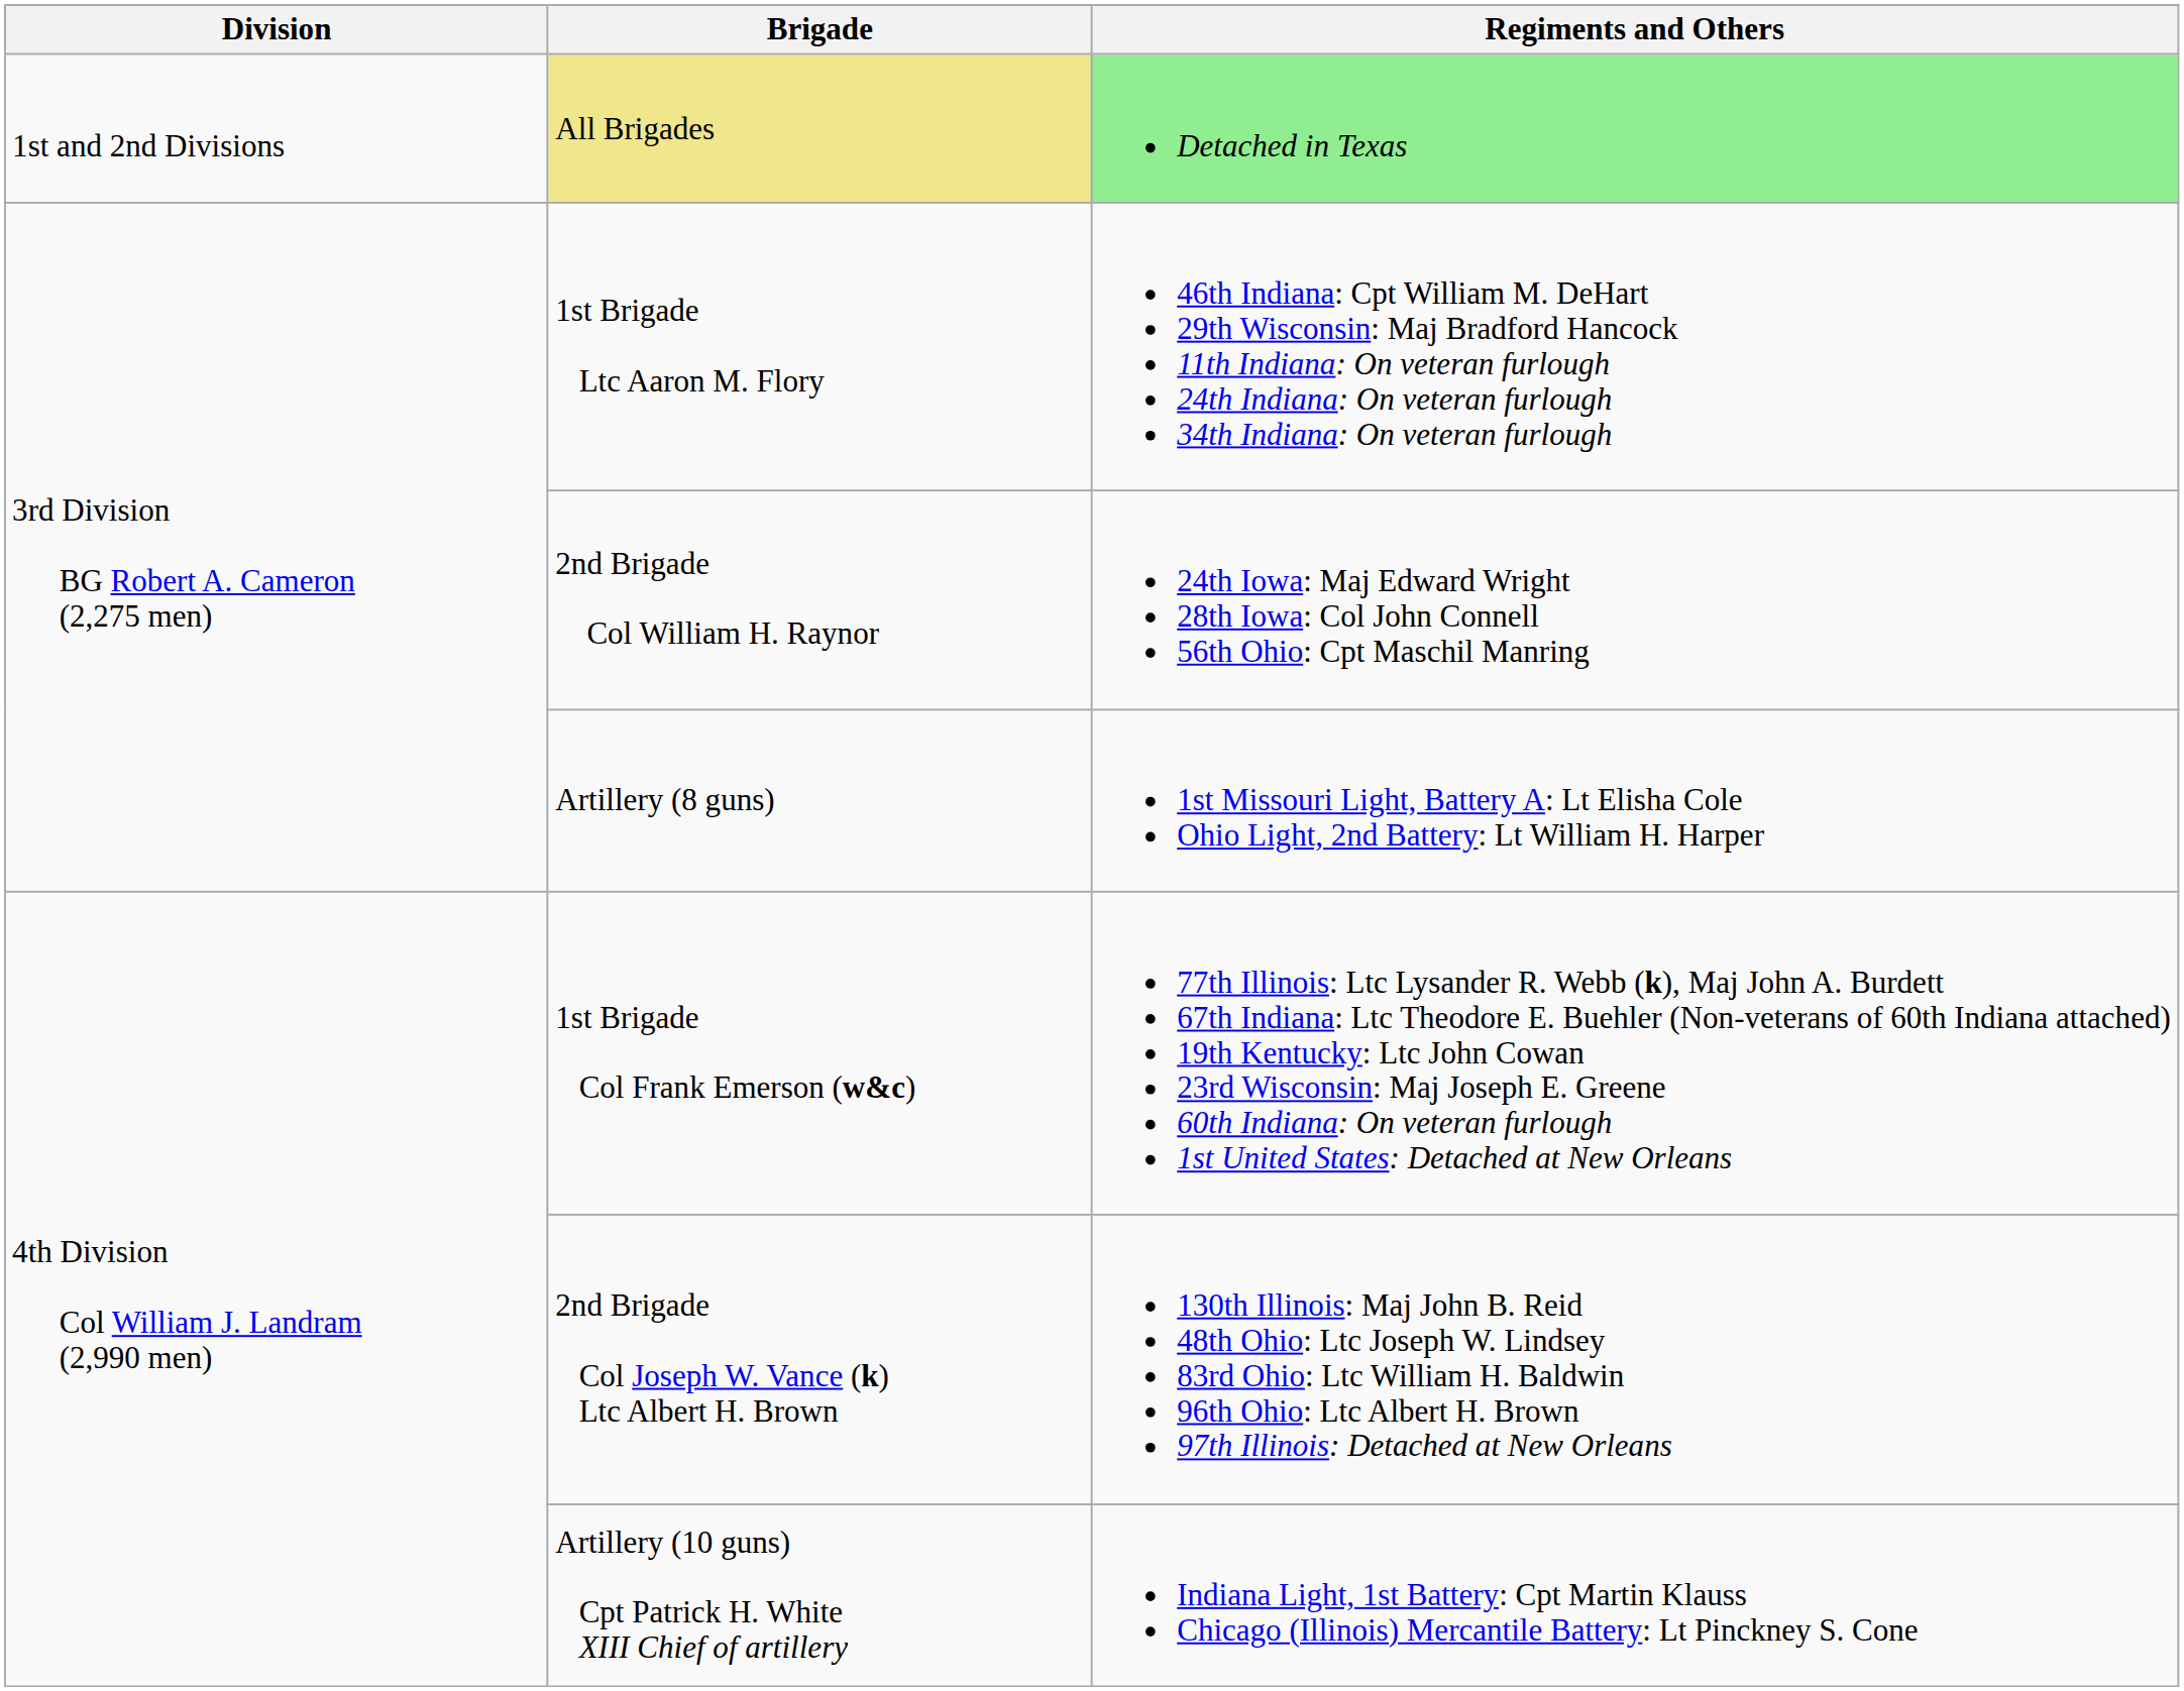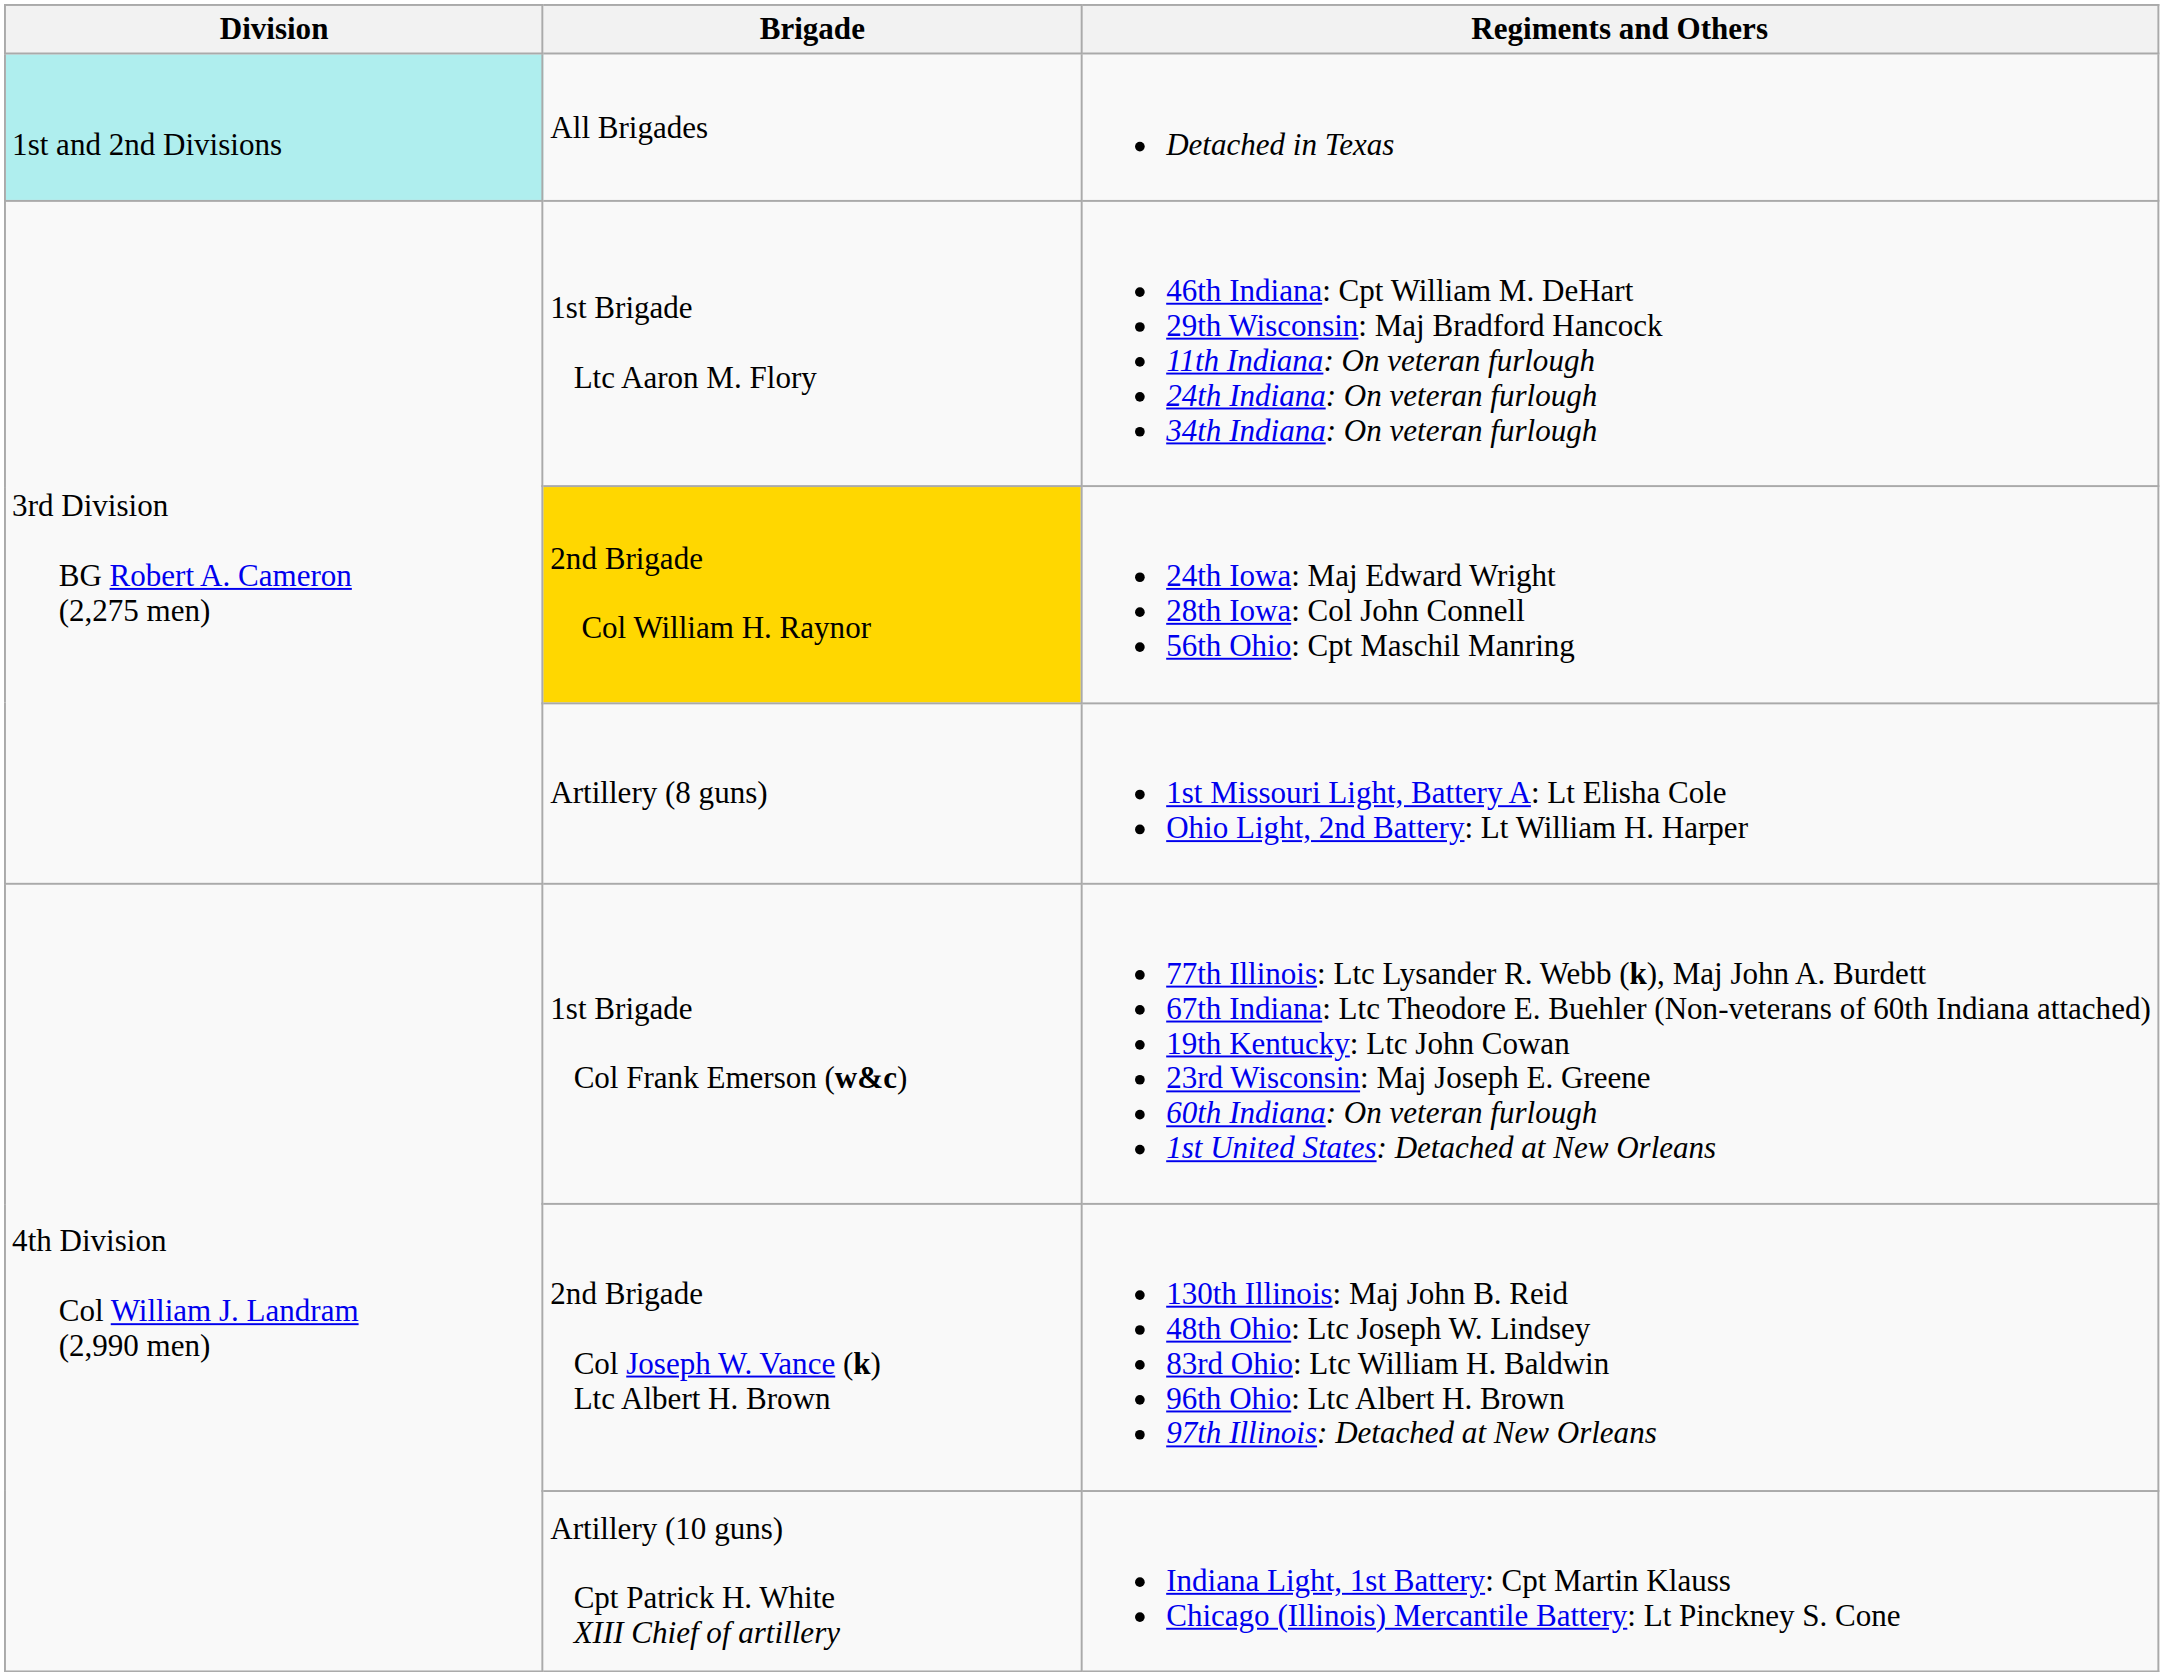 <table class="wikitable">
 <tr>
 <th width="25%">Division</th>
 <th width="25%">Brigade</th>
 <th>Regiments and Others</th>
 </tr>
 <tr>
-<td rowspan=1><br>1st and 2nd Divisions</td>
-<td style="background: khaki;">All Brigades</td>
-<td style="background: lightgreen;"><br><ul><li><em>Detached in Texas</em></li></ul></td>
+<td rowspan=1 style="background: paleturquoise;"><br>1st and 2nd Divisions</td>
+<td>All Brigades</td>
+<td><br><ul><li><em>Detached in Texas</em></li></ul></td>
 </tr>
 <tr>
 <td rowspan="3"><br>3rd Division<br><br>      BG <a href='#'>Robert A. Cameron</a> <br>      (2,275 men)</td>
 <td>1st Brigade<br><br>   Ltc  Aaron M. Flory</td>
 <td><br><ul><li><a href='#'>46th Indiana</a>: Cpt William M. DeHart</li><li><a href='#'>29th Wisconsin</a>: Maj Bradford Hancock</li><li><em><a href='#'>11th Indiana</a>: On veteran furlough</em></li><li><em><a href='#'>24th Indiana</a>: On veteran furlough</em></li><li><em><a href='#'>34th Indiana</a>: On veteran furlough</em></li></ul></td>
 </tr>
 <tr>
-<td>2nd Brigade<br><br>    Col  William H. Raynor</td>
+<td style="background: gold;">2nd Brigade<br><br>    Col  William H. Raynor</td>
 <td><br><ul><li><a href='#'>24th Iowa</a>: Maj Edward Wright</li><li><a href='#'>28th Iowa</a>: Col John Connell</li><li><a href='#'>56th Ohio</a>: Cpt Maschil Manring</li></ul></td>
 </tr>
 <tr>
 <td>Artillery (8 guns)</td>
 <td><br><ul><li><a href='#'>1st Missouri Light, Battery A</a>: Lt Elisha Cole</li><li><a href='#'>Ohio Light, 2nd Battery</a>: Lt William H. Harper</li></ul></td>
 </tr>
 <tr>
 <td rowspan="3"><br>4th Division<br><br>      Col <a href='#'>William J. Landram</a> <br>      (2,990 men)</td>
 <td>1st Brigade<br><br>   Col Frank Emerson (<strong>w&c</strong>)</td>
 <td><br><ul><li><a href='#'>77th Illinois</a>: Ltc Lysander R. Webb (<strong>k</strong>), Maj John A. Burdett</li><li><a href='#'>67th Indiana</a>: Ltc Theodore E. Buehler (Non-veterans of 60th Indiana attached)</li><li><a href='#'>19th Kentucky</a>: Ltc John Cowan</li><li><a href='#'>23rd Wisconsin</a>: Maj Joseph E. Greene</li><li><em><a href='#'>60th Indiana</a>: On veteran furlough</em></li><li><em><a href='#'>1st United States</a>: Detached at New Orleans</em></li></ul></td>
 </tr>
 <tr>
 <td>2nd Brigade<br><br>   Col <a href='#'>Joseph W. Vance</a> (<strong>k</strong>) <br>   Ltc Albert H. Brown</td>
 <td><br><ul><li><a href='#'>130th Illinois</a>: Maj John B. Reid</li><li><a href='#'>48th Ohio</a>: Ltc Joseph W. Lindsey</li><li><a href='#'>83rd Ohio</a>: Ltc William H. Baldwin</li><li><a href='#'>96th Ohio</a>: Ltc Albert H. Brown</li><li><em><a href='#'>97th Illinois</a>: Detached at New Orleans</em></li></ul></td>
 </tr>
 <tr>
 <td>Artillery (10 guns)<br><br>   Cpt Patrick H. White <br>   <em>XIII Chief of artillery</em></td>
 <td><br><ul><li><a href='#'>Indiana Light, 1st Battery</a>: Cpt Martin Klauss</li><li><a href='#'>Chicago (Illinois) Mercantile Battery</a>: Lt Pinckney S. Cone</li></ul></td>
 </tr>
 </table>
